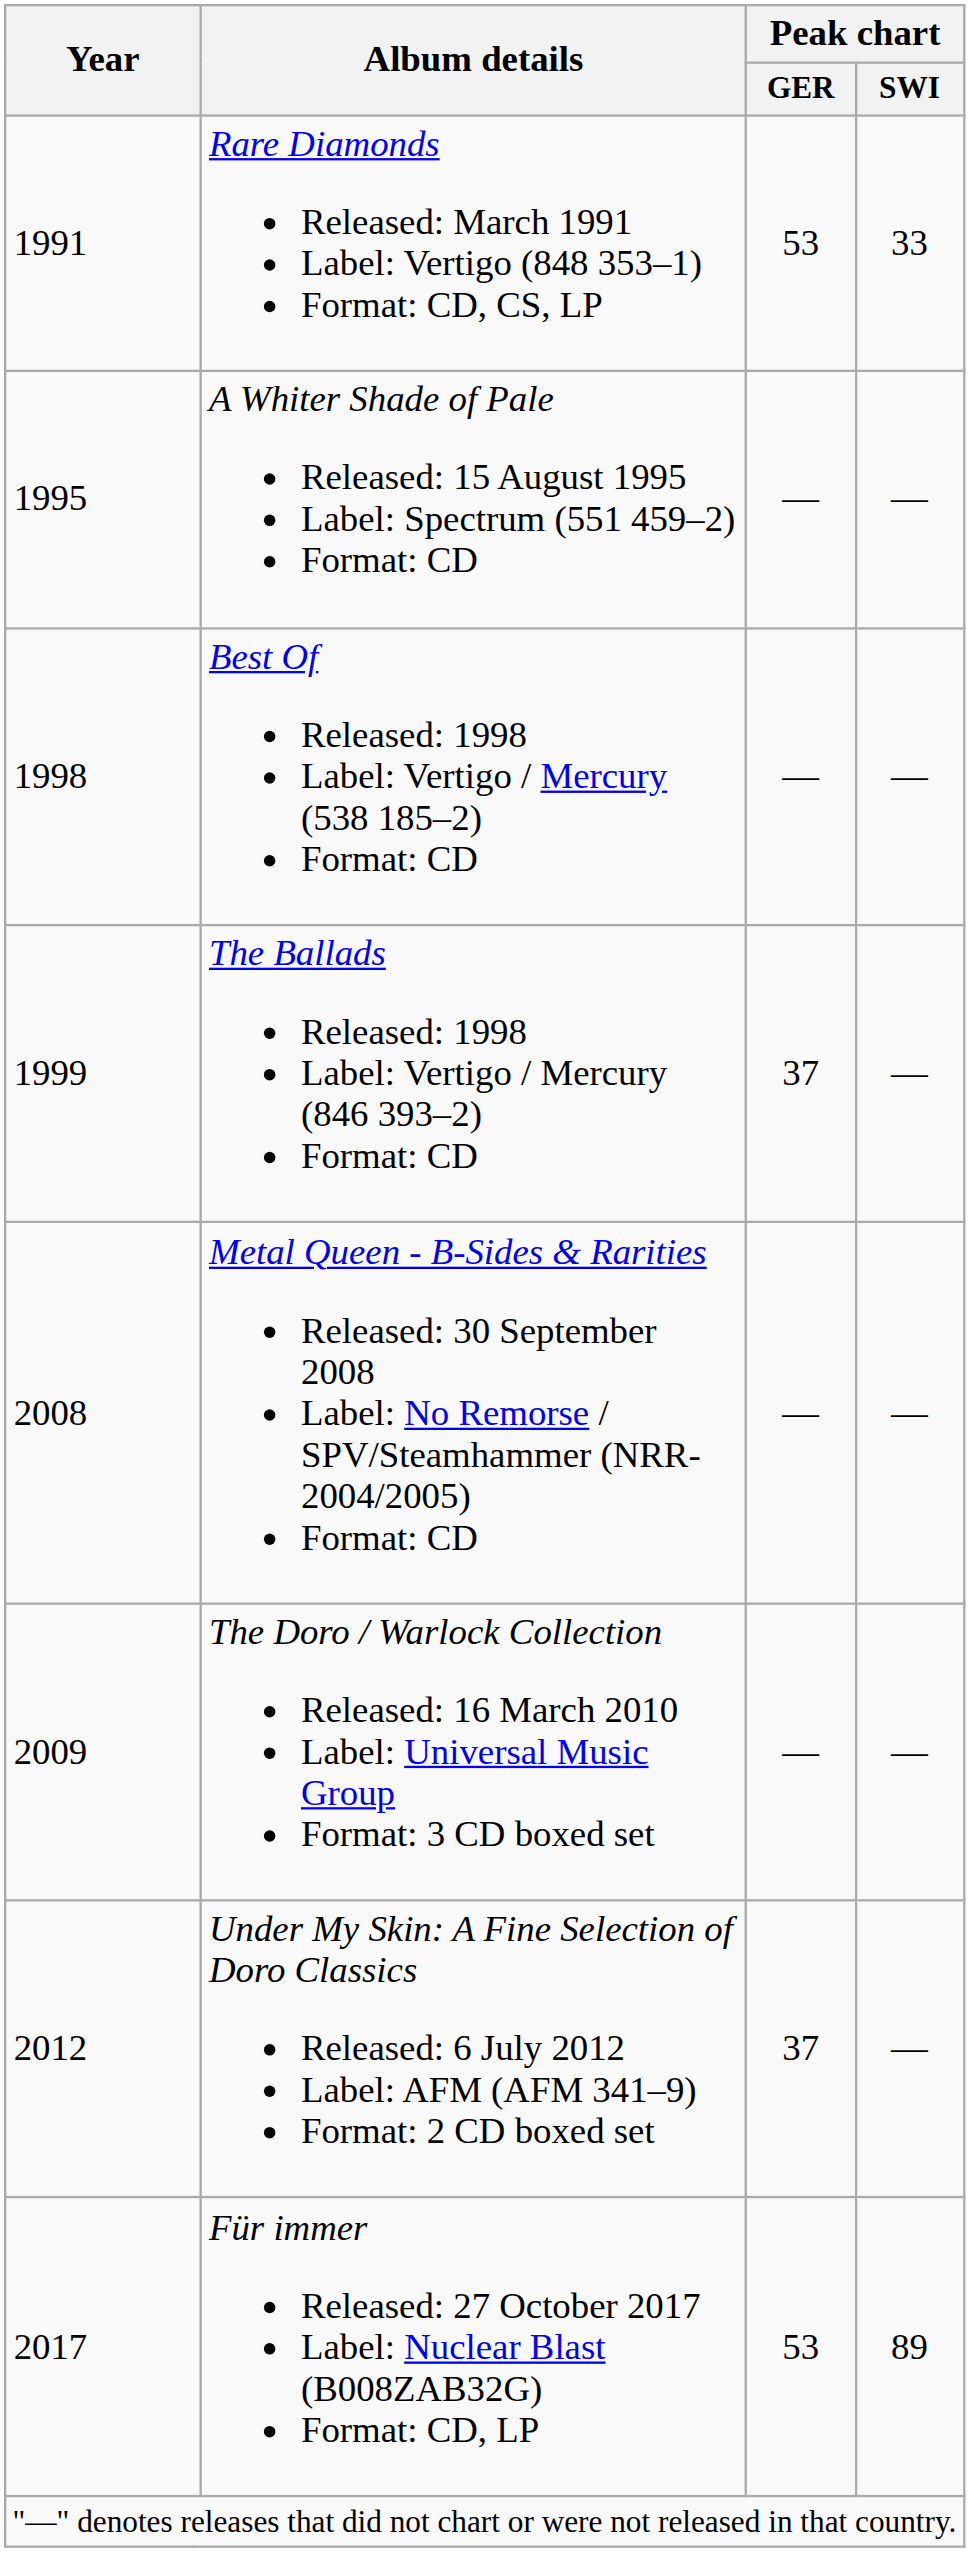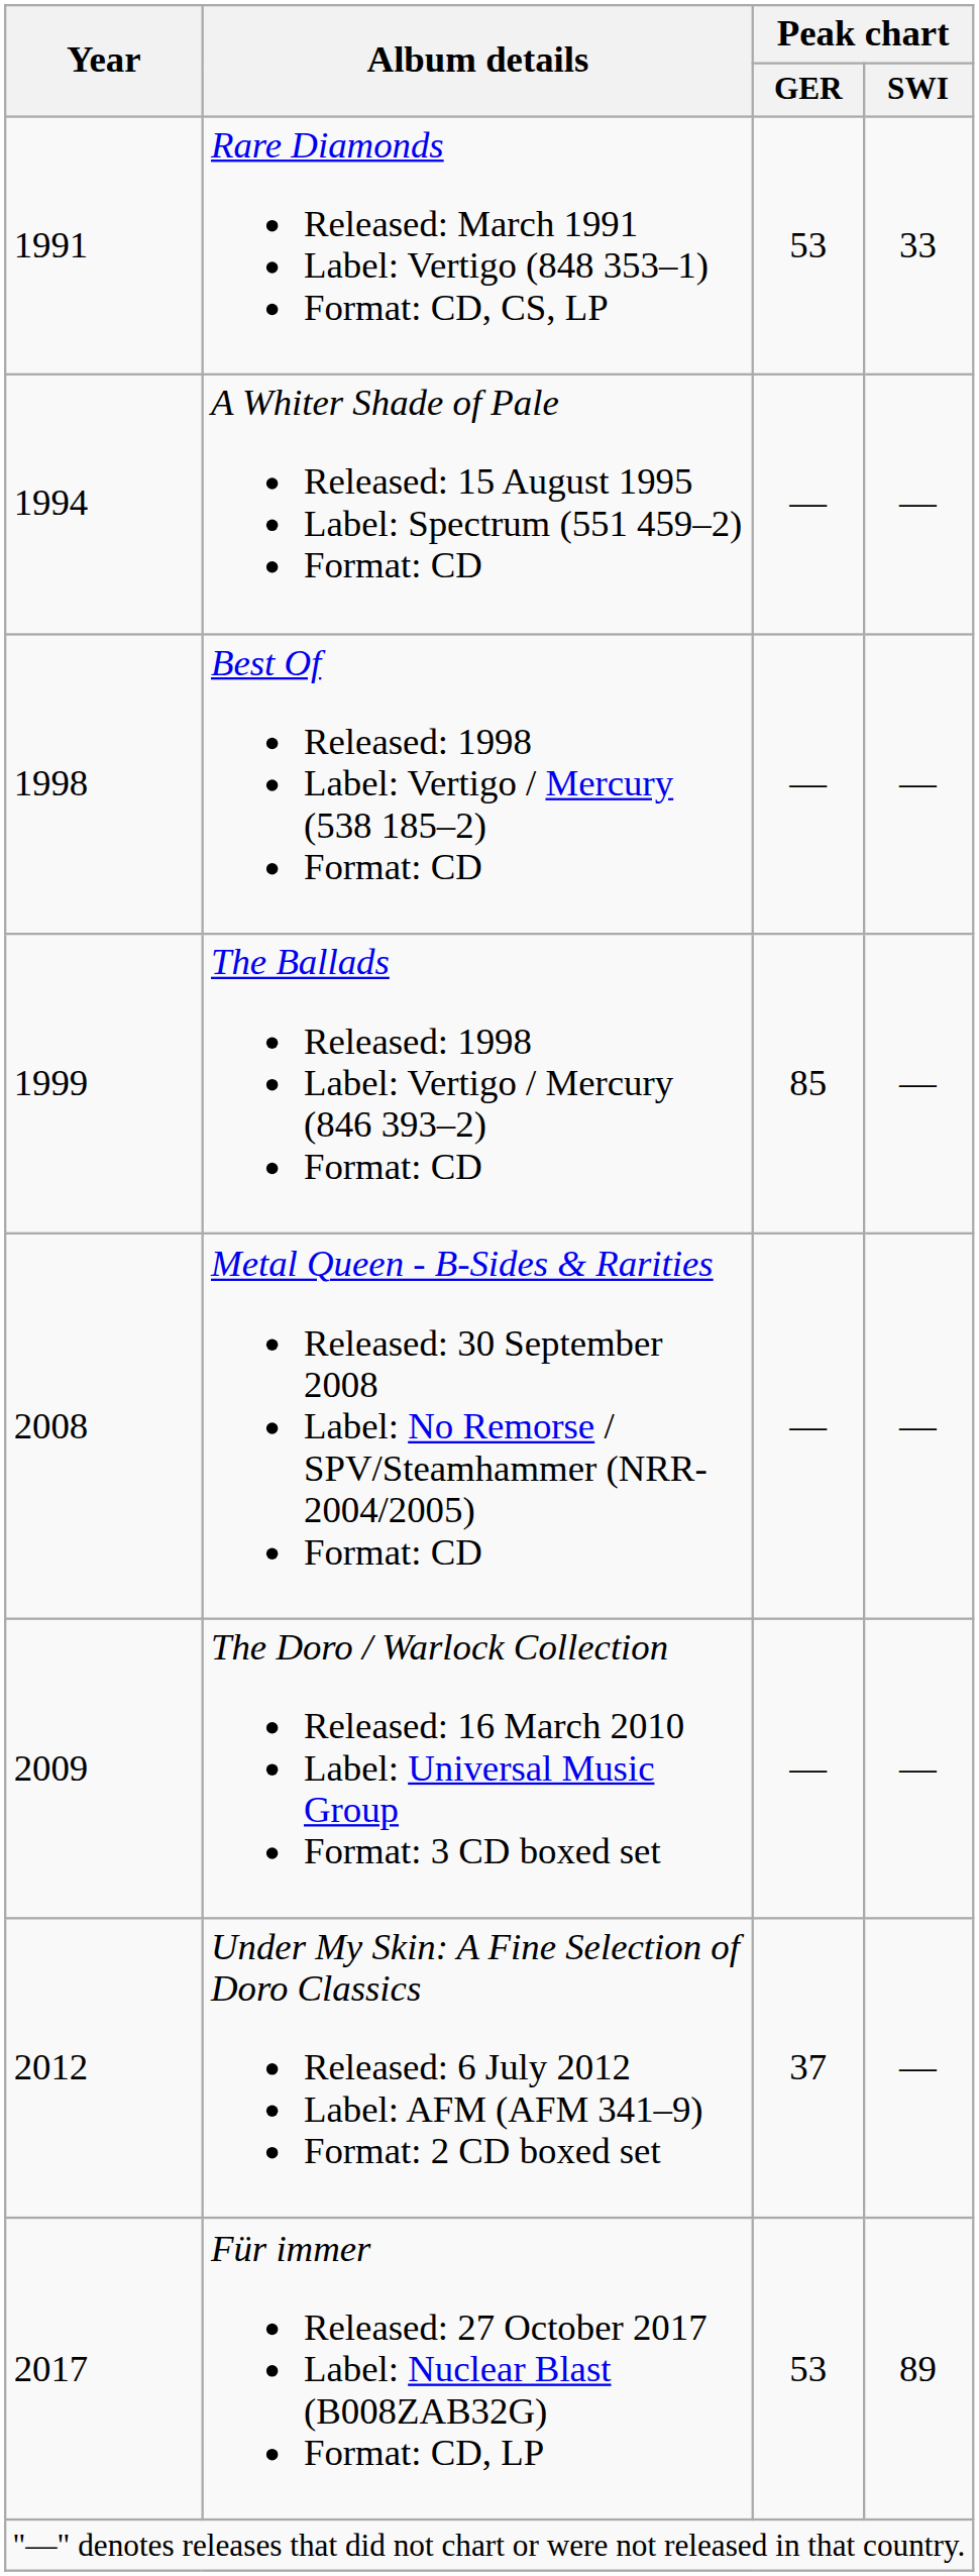 <table class="wikitable">
 <tr>
 <th rowspan="2">Year</th>
 <th rowspan="2" width="230">Album details</th>
 <th colspan="4">Peak chart</th>
 </tr>
 <tr>
 <th style="width:3em;font-size:85%;">GER<br></th>
 <th style="width:3em;font-size:85%;">SWI<br></th>
 </tr>
 <tr>
 <td>1991</td>
 <td><em><a href='#'>Rare Diamonds</a></em><br><ul><li>Released: March 1991</li><li>Label: Vertigo (848 353–1)</li><li>Format: CD, CS, LP</li></ul></td>
 <td align="center">53</td>
 <td align="center">33</td>
 </tr>
 <tr>
-<td>1995</td>
+<td>1994</td>
 <td><em>A Whiter Shade of Pale</em><br><ul><li>Released: 15 August 1995</li><li>Label: Spectrum (551 459–2)</li><li>Format: CD</li></ul></td>
 <td align="center">—</td>
 <td align="center">—</td>
 </tr>
 <tr>
 <td>1998</td>
 <td><em><a href='#'>Best Of</a></em><br><ul><li>Released: 1998</li><li>Label: Vertigo / <a href='#'>Mercury</a> (538 185–2)</li><li>Format: CD</li></ul></td>
 <td align="center">—</td>
 <td align="center">—</td>
 </tr>
 <tr>
 <td>1999</td>
 <td><em><a href='#'>The Ballads</a></em><br><ul><li>Released: 1998</li><li>Label: Vertigo / Mercury (846 393–2)</li><li>Format: CD</li></ul></td>
-<td align="center">37</td>
+<td align="center">85</td>
 <td align="center">—</td>
 </tr>
 <tr>
 <td>2008</td>
 <td><em><a href='#'>Metal Queen - B-Sides & Rarities</a></em><br><ul><li>Released: 30 September 2008</li><li>Label: <a href='#'>No Remorse</a> / SPV/Steamhammer (NRR-2004/2005)</li><li>Format: CD</li></ul></td>
 <td align="center">—</td>
 <td align="center">—</td>
 </tr>
 <tr>
 <td>2009</td>
 <td><em>The Doro / Warlock Collection</em><br><ul><li>Released: 16 March 2010</li><li>Label: <a href='#'>Universal Music Group</a></li><li>Format: 3 CD boxed set</li></ul></td>
 <td align="center">—</td>
 <td align="center">—</td>
 </tr>
 <tr>
 <td>2012</td>
 <td><em>Under My Skin: A Fine Selection of Doro Classics</em><br><ul><li>Released: 6 July 2012</li><li>Label: AFM (AFM 341–9)</li><li>Format: 2 CD boxed set</li></ul></td>
 <td align="center">37</td>
 <td align="center">—</td>
 </tr>
 <tr>
 <td>2017</td>
 <td><em>Für immer</em><br><ul><li>Released: 27 October 2017</li><li>Label: <a href='#'>Nuclear Blast</a> (B008ZAB32G)</li><li>Format: CD, LP</li></ul></td>
 <td align="center">53</td>
 <td align="center">89</td>
 </tr>
 <tr>
 <td align="center" colspan="7" style="font-size: 85%">"—" denotes releases that did not chart or were not released in that country.</td>
 </tr>
 </table>
